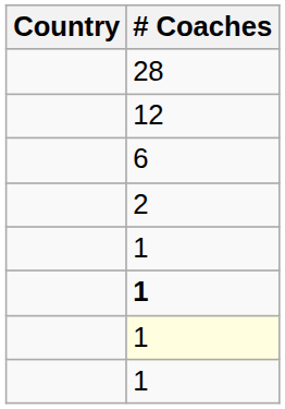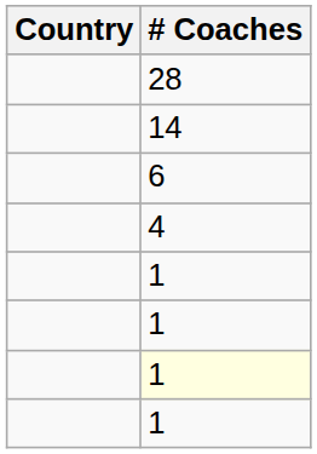 <table class="wikitable" style="margin:1em auto;">
 <tr>
 <th>Country</th>
 <th># Coaches</th>
 </tr>
 <tr>
 <td {{center></td>
 <td>28</td>
 </tr>
 <tr>
 <td {{center></td>
-<td>12</td>
+<td>14</td>
 </tr>
 <tr>
 <td {{center></td>
 <td>6</td>
 </tr>
 <tr>
 <td {{center></td>
-<td>2</td>
+<td>4</td>
 </tr>
 <tr>
 <td {{center></td>
 <td>1</td>
 </tr>
 <tr>
 <td {{center></td>
-<td><strong>1</strong></td>
+<td>1</td>
 </tr>
 <tr>
 <td {{center></td>
 <td style="background: lightyellow;">1</td>
 </tr>
 <tr>
 <td {{center></td>
 <td>1</td>
 </tr>
 </table>
